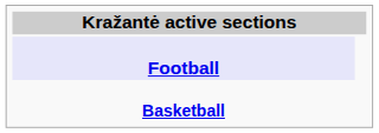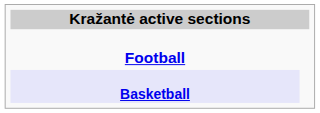 <table class="infobox" style="width: 20em; font-size: 95%em;">
 <tr style="background:#ccc; text-align:center;">
 <th colspan="3">Kražantė active sections</th>
 </tr>
 <tr style="text-align: center">
-<td style="background: lavender;"><br><strong><a href='#'>Football</a></strong></td>
+<td><br><strong><a href='#'>Football</a></strong></td>
 </tr>
 <tr style="font-size: 90%; text-align: center">
-<td><br><strong><a href='#'>Basketball</a></strong></td>
+<td style="background: lavender;"><br><strong><a href='#'>Basketball</a></strong></td>
 <td></td>
 </tr>
 </table>
